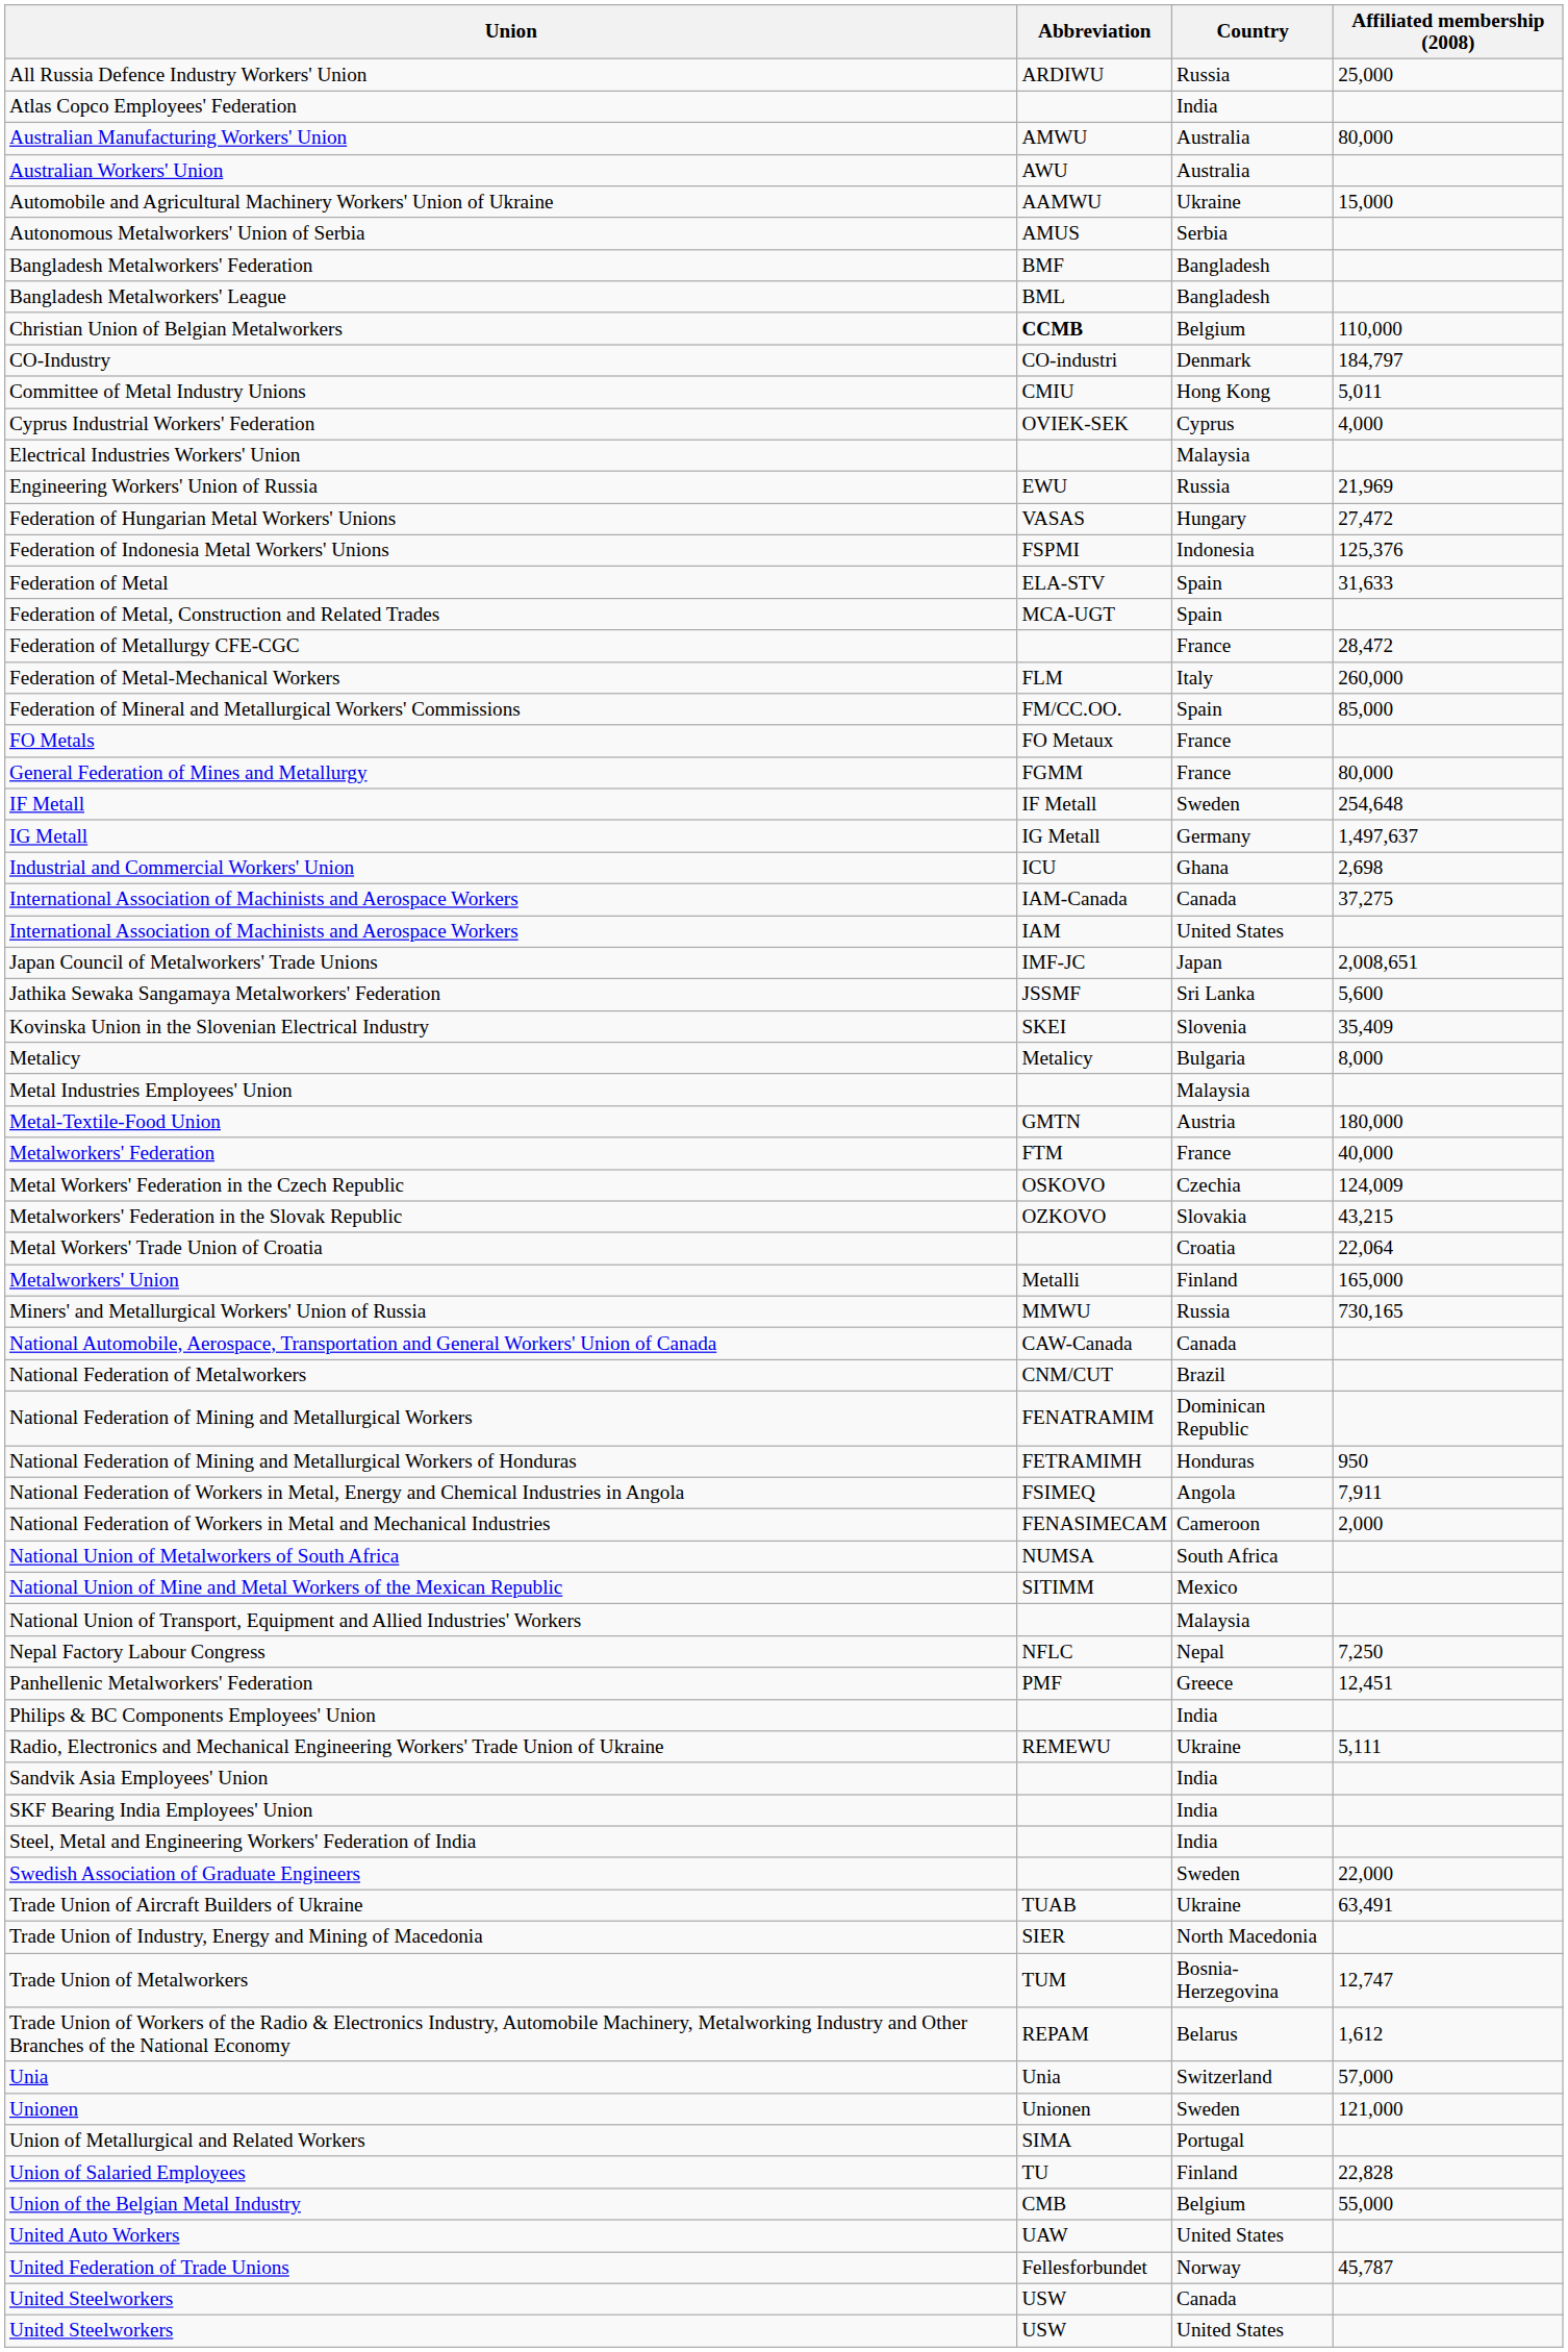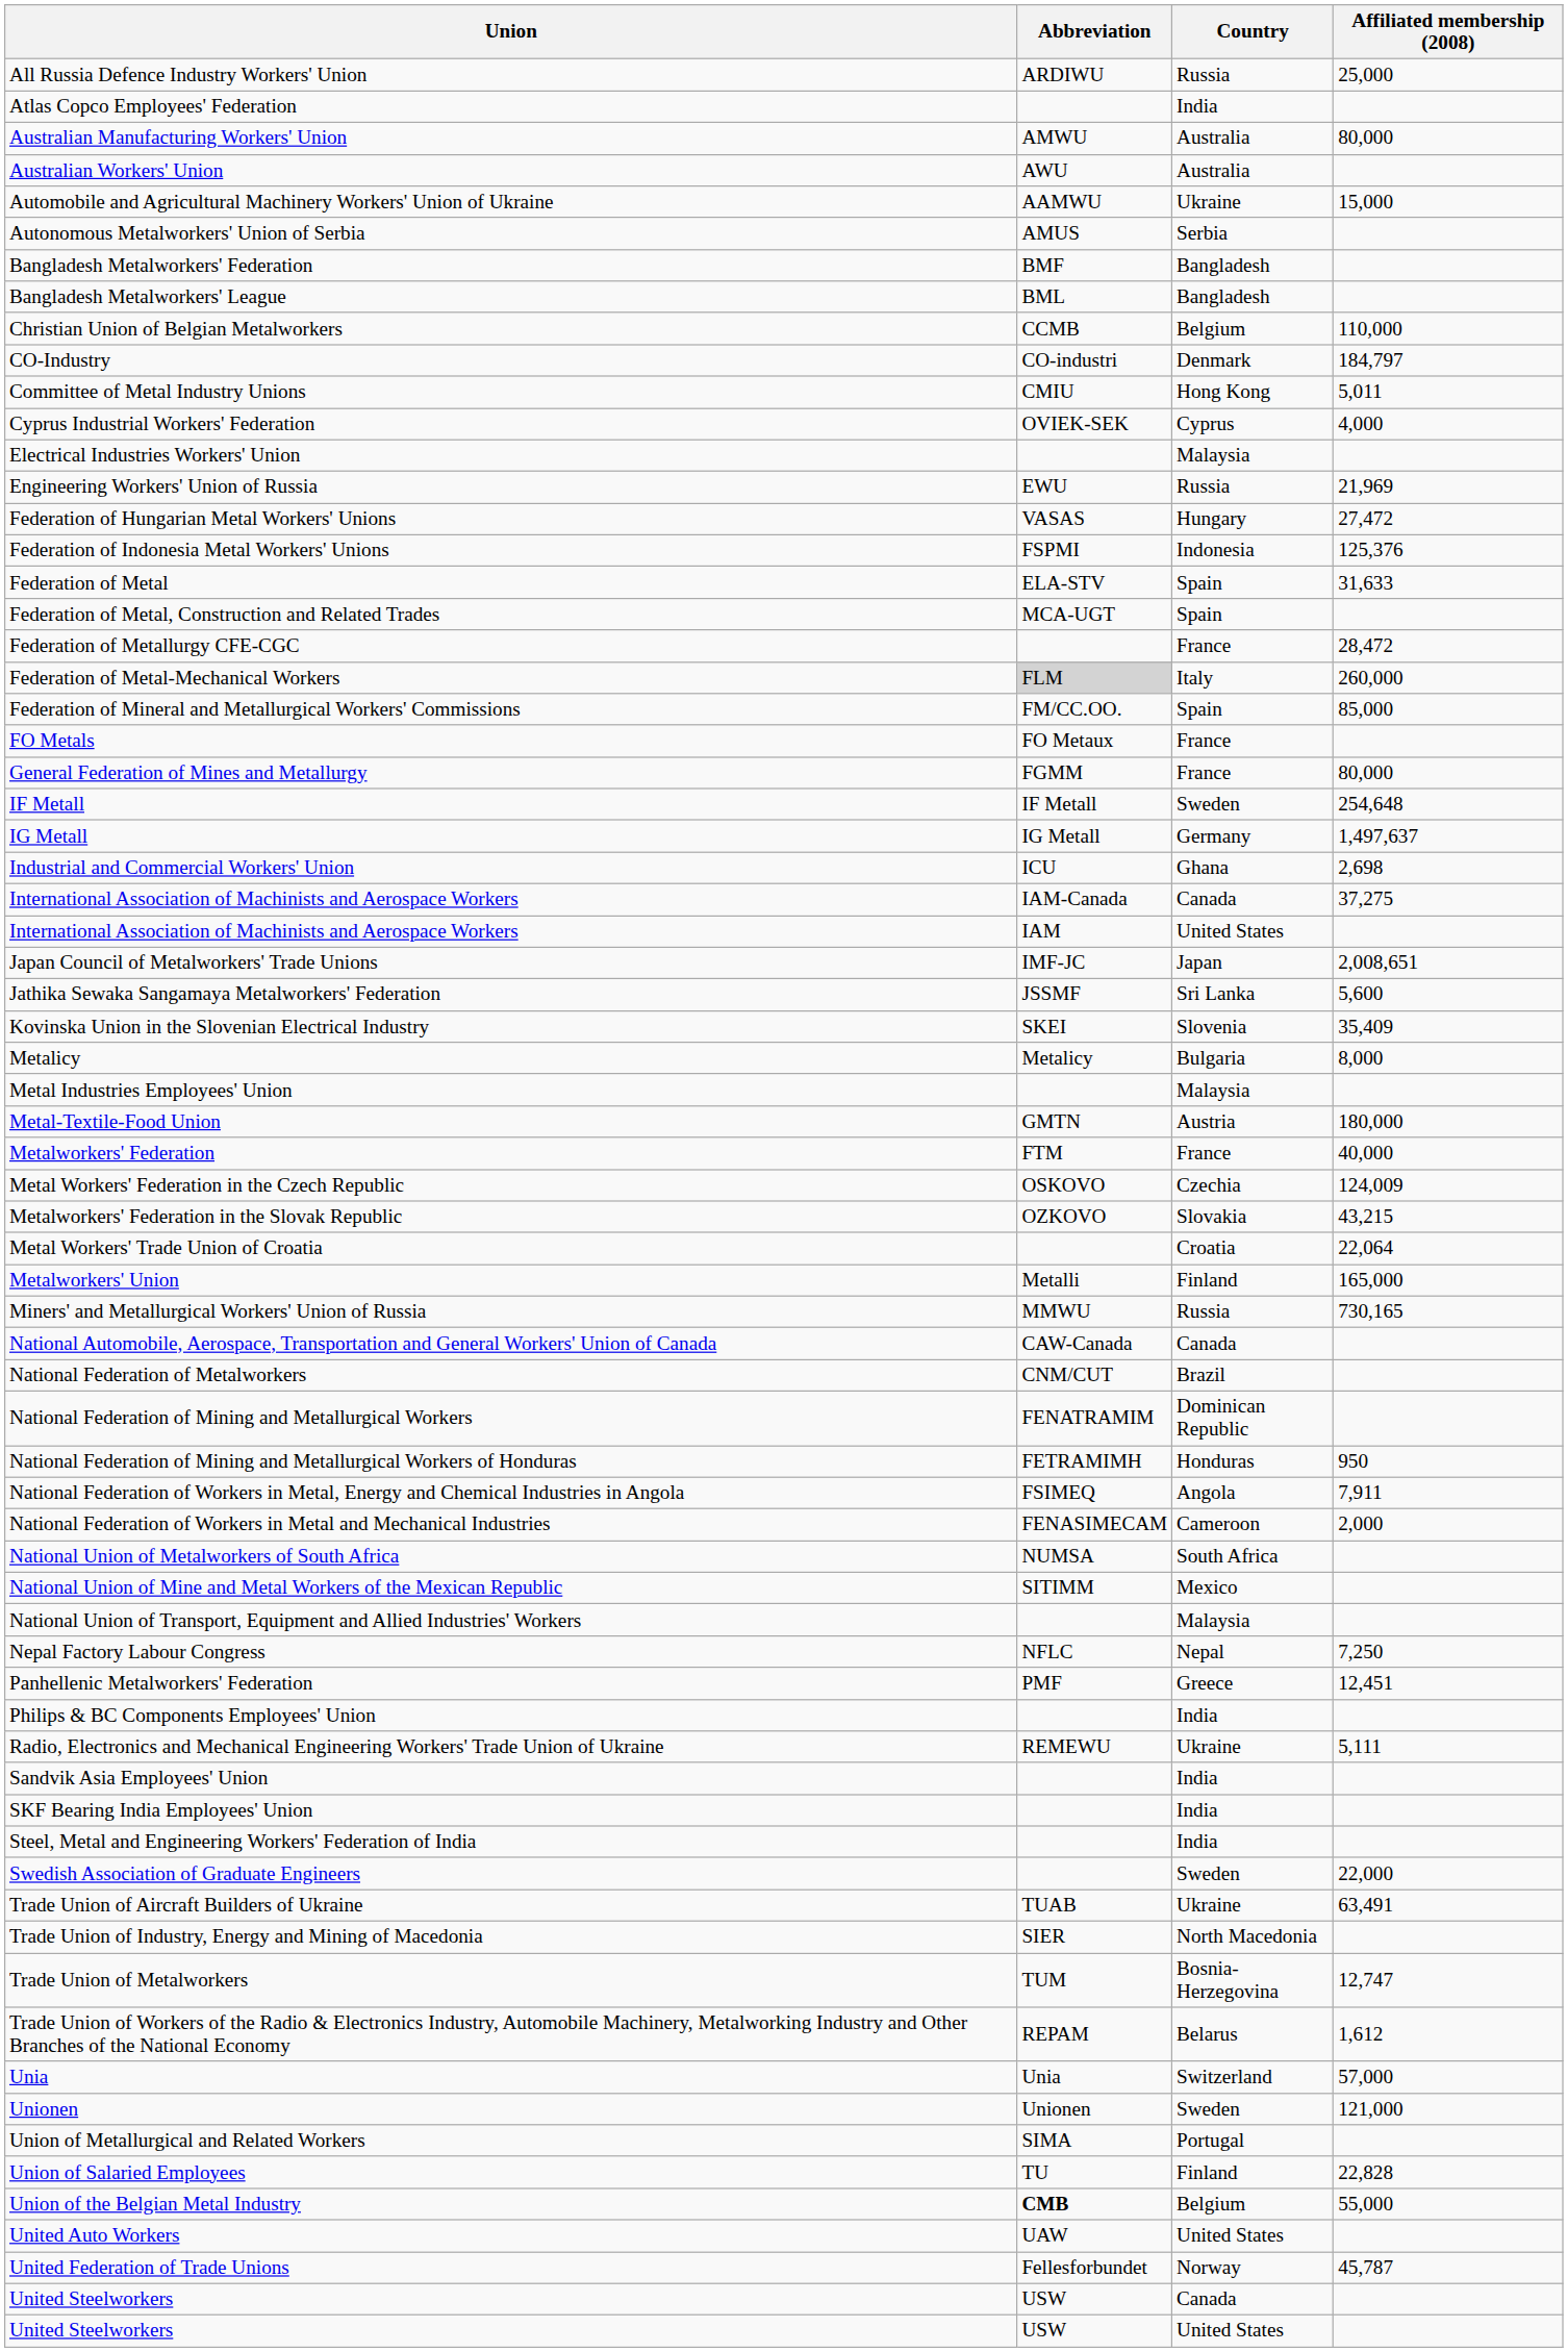 <table class="wikitable sortable">
 <tr>
 <th>Union</th>
 <th>Abbreviation</th>
 <th>Country</th>
 <th>Affiliated membership (2008)</th>
 </tr>
 <tr>
 <td>All Russia Defence Industry Workers' Union</td>
 <td>ARDIWU</td>
 <td>Russia</td>
 <td>25,000</td>
 </tr>
 <tr>
 <td>Atlas Copco Employees' Federation</td>
 <td></td>
 <td>India</td>
 <td></td>
 </tr>
 <tr>
 <td><a href='#'>Australian Manufacturing Workers' Union</a></td>
 <td>AMWU</td>
 <td>Australia</td>
 <td>80,000</td>
 </tr>
 <tr>
 <td><a href='#'>Australian Workers' Union</a></td>
 <td>AWU</td>
 <td>Australia</td>
 <td></td>
 </tr>
 <tr>
 <td>Automobile and Agricultural Machinery Workers' Union of Ukraine</td>
 <td>AAMWU</td>
 <td>Ukraine</td>
 <td>15,000</td>
 </tr>
 <tr>
 <td>Autonomous Metalworkers' Union of Serbia</td>
 <td>AMUS</td>
 <td>Serbia</td>
 <td></td>
 </tr>
 <tr>
 <td>Bangladesh Metalworkers' Federation</td>
 <td>BMF</td>
 <td>Bangladesh</td>
 <td></td>
 </tr>
 <tr>
 <td>Bangladesh Metalworkers' League</td>
 <td>BML</td>
 <td>Bangladesh</td>
 <td></td>
 </tr>
 <tr>
 <td>Christian Union of Belgian Metalworkers</td>
-<td><strong>CCMB</strong></td>
+<td>CCMB</td>
 <td>Belgium</td>
 <td>110,000</td>
 </tr>
 <tr>
 <td>CO-Industry</td>
 <td>CO-industri</td>
 <td>Denmark</td>
 <td>184,797</td>
 </tr>
 <tr>
 <td>Committee of Metal Industry Unions</td>
 <td>CMIU</td>
 <td>Hong Kong</td>
 <td>5,011</td>
 </tr>
 <tr>
 <td>Cyprus Industrial Workers' Federation</td>
 <td>OVIEK-SEK</td>
 <td>Cyprus</td>
 <td>4,000</td>
 </tr>
 <tr>
 <td>Electrical Industries Workers' Union</td>
 <td></td>
 <td>Malaysia</td>
 <td></td>
 </tr>
 <tr>
 <td>Engineering Workers' Union of Russia</td>
 <td>EWU</td>
 <td>Russia</td>
 <td>21,969</td>
 </tr>
 <tr>
 <td>Federation of Hungarian Metal Workers' Unions</td>
 <td>VASAS</td>
 <td>Hungary</td>
 <td>27,472</td>
 </tr>
 <tr>
 <td>Federation of Indonesia Metal Workers' Unions</td>
 <td>FSPMI</td>
 <td>Indonesia</td>
 <td>125,376</td>
 </tr>
 <tr>
 <td>Federation of Metal</td>
 <td>ELA-STV</td>
 <td>Spain</td>
 <td>31,633</td>
 </tr>
 <tr>
 <td>Federation of Metal, Construction and Related Trades</td>
 <td>MCA-UGT</td>
 <td>Spain</td>
 <td></td>
 </tr>
 <tr>
 <td>Federation of Metallurgy CFE-CGC</td>
 <td></td>
 <td>France</td>
 <td>28,472</td>
 </tr>
 <tr>
 <td>Federation of Metal-Mechanical Workers</td>
-<td>FLM</td>
+<td style="background: lightgrey;">FLM</td>
 <td>Italy</td>
 <td>260,000</td>
 </tr>
 <tr>
 <td>Federation of Mineral and Metallurgical Workers' Commissions</td>
 <td>FM/CC.OO.</td>
 <td>Spain</td>
 <td>85,000</td>
 </tr>
 <tr>
 <td><a href='#'>FO Metals</a></td>
 <td>FO Metaux</td>
 <td>France</td>
 <td></td>
 </tr>
 <tr>
 <td><a href='#'>General Federation of Mines and Metallurgy</a></td>
 <td>FGMM</td>
 <td>France</td>
 <td>80,000</td>
 </tr>
 <tr>
 <td><a href='#'>IF Metall</a></td>
 <td>IF Metall</td>
 <td>Sweden</td>
 <td>254,648</td>
 </tr>
 <tr>
 <td><a href='#'>IG Metall</a></td>
 <td>IG Metall</td>
 <td>Germany</td>
 <td>1,497,637</td>
 </tr>
 <tr>
 <td><a href='#'>Industrial and Commercial Workers' Union</a></td>
 <td>ICU</td>
 <td>Ghana</td>
 <td>2,698</td>
 </tr>
 <tr>
 <td><a href='#'>International Association of Machinists and Aerospace Workers</a></td>
 <td>IAM-Canada</td>
 <td>Canada</td>
 <td>37,275</td>
 </tr>
 <tr>
 <td><a href='#'>International Association of Machinists and Aerospace Workers</a></td>
 <td>IAM</td>
 <td>United States</td>
 <td></td>
 </tr>
 <tr>
 <td>Japan Council of Metalworkers' Trade Unions</td>
 <td>IMF-JC</td>
 <td>Japan</td>
 <td>2,008,651</td>
 </tr>
 <tr>
 <td>Jathika Sewaka Sangamaya Metalworkers' Federation</td>
 <td>JSSMF</td>
 <td>Sri Lanka</td>
 <td>5,600</td>
 </tr>
 <tr>
 <td>Kovinska Union in the Slovenian Electrical Industry</td>
 <td>SKEI</td>
 <td>Slovenia</td>
 <td>35,409</td>
 </tr>
 <tr>
 <td>Metalicy</td>
 <td>Metalicy</td>
 <td>Bulgaria</td>
 <td>8,000</td>
 </tr>
 <tr>
 <td>Metal Industries Employees' Union</td>
 <td></td>
 <td>Malaysia</td>
 <td></td>
 </tr>
 <tr>
 <td><a href='#'>Metal-Textile-Food Union</a></td>
 <td>GMTN</td>
 <td>Austria</td>
 <td>180,000</td>
 </tr>
 <tr>
 <td><a href='#'>Metalworkers' Federation</a></td>
 <td>FTM</td>
 <td>France</td>
 <td>40,000</td>
 </tr>
 <tr>
 <td>Metal Workers' Federation in the Czech Republic</td>
 <td>OSKOVO</td>
 <td>Czechia</td>
 <td>124,009</td>
 </tr>
 <tr>
 <td>Metalworkers' Federation in the Slovak Republic</td>
 <td>OZKOVO</td>
 <td>Slovakia</td>
 <td>43,215</td>
 </tr>
 <tr>
 <td>Metal Workers' Trade Union of Croatia</td>
 <td></td>
 <td>Croatia</td>
 <td>22,064</td>
 </tr>
 <tr>
 <td><a href='#'>Metalworkers' Union</a></td>
 <td>Metalli</td>
 <td>Finland</td>
 <td>165,000</td>
 </tr>
 <tr>
 <td>Miners' and Metallurgical Workers' Union of Russia</td>
 <td>MMWU</td>
 <td>Russia</td>
 <td>730,165</td>
 </tr>
 <tr>
 <td><a href='#'>National Automobile, Aerospace, Transportation and General Workers' Union of Canada</a></td>
 <td>CAW-Canada</td>
 <td>Canada</td>
 <td></td>
 </tr>
 <tr>
 <td>National Federation of Metalworkers</td>
 <td>CNM/CUT</td>
 <td>Brazil</td>
 <td></td>
 </tr>
 <tr>
 <td>National Federation of Mining and Metallurgical Workers</td>
 <td>FENATRAMIM</td>
 <td>Dominican Republic</td>
 <td></td>
 </tr>
 <tr>
 <td>National Federation of Mining and Metallurgical Workers of Honduras</td>
 <td>FETRAMIMH</td>
 <td>Honduras</td>
 <td>950</td>
 </tr>
 <tr>
 <td>National Federation of Workers in Metal, Energy and Chemical Industries in Angola</td>
 <td>FSIMEQ</td>
 <td>Angola</td>
 <td>7,911</td>
 </tr>
 <tr>
 <td>National Federation of Workers in Metal and Mechanical Industries</td>
 <td>FENASIMECAM</td>
 <td>Cameroon</td>
 <td>2,000</td>
 </tr>
 <tr>
 <td><a href='#'>National Union of Metalworkers of South Africa</a></td>
 <td>NUMSA</td>
 <td>South Africa</td>
 <td></td>
 </tr>
 <tr>
 <td><a href='#'>National Union of Mine and Metal Workers of the Mexican Republic</a></td>
 <td>SITIMM</td>
 <td>Mexico</td>
 <td></td>
 </tr>
 <tr>
 <td>National Union of Transport, Equipment and Allied Industries' Workers</td>
 <td></td>
 <td>Malaysia</td>
 <td></td>
 </tr>
 <tr>
 <td>Nepal Factory Labour Congress</td>
 <td>NFLC</td>
 <td>Nepal</td>
 <td>7,250</td>
 </tr>
 <tr>
 <td>Panhellenic Metalworkers' Federation</td>
 <td>PMF</td>
 <td>Greece</td>
 <td>12,451</td>
 </tr>
 <tr>
 <td>Philips & BC Components Employees' Union</td>
 <td></td>
 <td>India</td>
 <td></td>
 </tr>
 <tr>
 <td>Radio, Electronics and Mechanical Engineering Workers' Trade Union of Ukraine</td>
 <td>REMEWU</td>
 <td>Ukraine</td>
 <td>5,111</td>
 </tr>
 <tr>
 <td>Sandvik Asia Employees' Union</td>
 <td></td>
 <td>India</td>
 <td></td>
 </tr>
 <tr>
 <td>SKF Bearing India Employees' Union</td>
 <td></td>
 <td>India</td>
 <td></td>
 </tr>
 <tr>
 <td>Steel, Metal and Engineering Workers' Federation of India</td>
 <td></td>
 <td>India</td>
 <td></td>
 </tr>
 <tr>
 <td><a href='#'>Swedish Association of Graduate Engineers</a></td>
 <td></td>
 <td>Sweden</td>
 <td>22,000</td>
 </tr>
 <tr>
 <td>Trade Union of Aircraft Builders of Ukraine</td>
 <td>TUAB</td>
 <td>Ukraine</td>
 <td>63,491</td>
 </tr>
 <tr>
 <td>Trade Union of Industry, Energy and Mining of Macedonia</td>
 <td>SIER</td>
 <td>North Macedonia</td>
 <td></td>
 </tr>
 <tr>
 <td>Trade Union of Metalworkers</td>
 <td>TUM</td>
 <td>Bosnia-Herzegovina</td>
 <td>12,747</td>
 </tr>
 <tr>
 <td>Trade Union of Workers of the Radio & Electronics Industry, Automobile Machinery, Metalworking Industry and Other Branches of the National Economy</td>
 <td>REPAM</td>
 <td>Belarus</td>
 <td>1,612</td>
 </tr>
 <tr>
 <td><a href='#'>Unia</a></td>
 <td>Unia</td>
 <td>Switzerland</td>
 <td>57,000</td>
 </tr>
 <tr>
 <td><a href='#'>Unionen</a></td>
 <td>Unionen</td>
 <td>Sweden</td>
 <td>121,000</td>
 </tr>
 <tr>
 <td>Union of Metallurgical and Related Workers</td>
 <td>SIMA</td>
 <td>Portugal</td>
 <td></td>
 </tr>
 <tr>
 <td><a href='#'>Union of Salaried Employees</a></td>
 <td>TU</td>
 <td>Finland</td>
 <td>22,828</td>
 </tr>
 <tr>
 <td><a href='#'>Union of the Belgian Metal Industry</a></td>
-<td>CMB</td>
+<td><strong>CMB</strong></td>
 <td>Belgium</td>
 <td>55,000</td>
 </tr>
 <tr>
 <td><a href='#'>United Auto Workers</a></td>
 <td>UAW</td>
 <td>United States</td>
 <td></td>
 </tr>
 <tr>
 <td><a href='#'>United Federation of Trade Unions</a></td>
 <td>Fellesforbundet</td>
 <td>Norway</td>
 <td>45,787</td>
 </tr>
 <tr>
 <td><a href='#'>United Steelworkers</a></td>
 <td>USW</td>
 <td>Canada</td>
 <td></td>
 </tr>
 <tr>
 <td><a href='#'>United Steelworkers</a></td>
 <td>USW</td>
 <td>United States</td>
 <td></td>
 </tr>
 </table>
